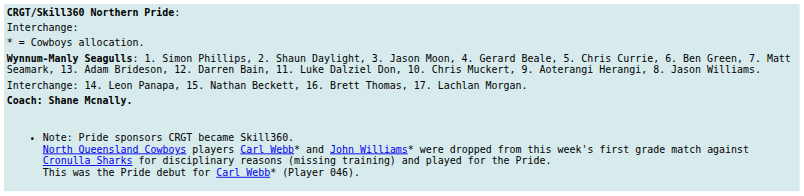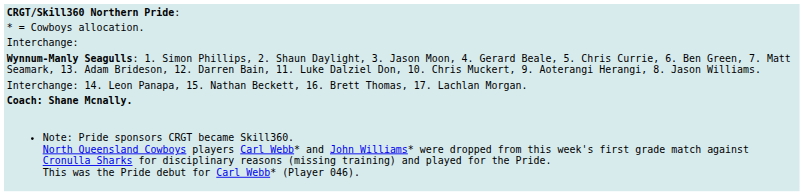 <table style="background:#d7ebed; font-size:85%; width:100%;">
 <tr>
 <td><strong>CRGT/Skill360 Northern Pride</strong>:             </td>
 </tr>
 <tr>
-<td>Interchange:    </td>
+<td>* = Cowboys allocation.</td>
 </tr>
 <tr>
-<td>* = Cowboys allocation.</td>
+<td>Interchange:    </td>
 </tr>
 <tr>
 <td><strong>Wynnum-Manly Seagulls</strong>: 1. Simon Phillips, 2. Shaun Daylight, 3. Jason Moon, 4. Gerard Beale, 5. Chris Currie, 6. Ben Green, 7. Matt Seamark, 13. Adam Brideson, 12. Darren Bain, 11. Luke Dalziel Don, 10. Chris Muckert, 9. Aoterangi Herangi, 8. Jason Williams.</td>
 </tr>
 <tr>
 <td>Interchange: 14. Leon Panapa, 15. Nathan Beckett, 16. Brett Thomas, 17. Lachlan Morgan.</td>
 </tr>
 <tr>
 <td><strong>Coach: Shane Mcnally.</strong></td>
 </tr>
 <tr>
 <td><br><ul><li>Note: Pride sponsors CRGT became Skill360.<br><a href='#'>North Queensland Cowboys</a> players <a href='#'>Carl Webb</a>* and <a href='#'>John Williams</a>* were dropped from this week's first grade match against <a href='#'>Cronulla Sharks</a> for disciplinary reasons (missing training) and played for the Pride.<br>This was the Pride debut for <a href='#'>Carl Webb</a>* (Player 046).</li></ul></td>
 </tr>
 </table>
